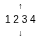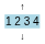 <table style="text-align:center;">
 <tr>
 <td><small> ↑  </small></td>
 </tr>
 <tr>
-<td> <span>1 2</span>   <span>3 4</span> </td>
+<td style="background: lightblue;"> <span>1 2</span>   <span>3 4</span> </td>
 </tr>
 <tr>
 <td><small>   ↓ </small></td>
 </tr>
 </table>
